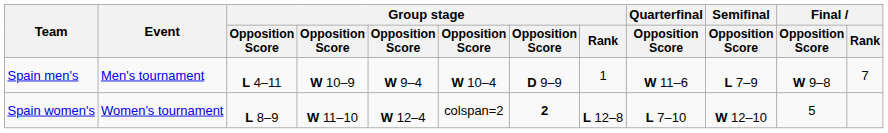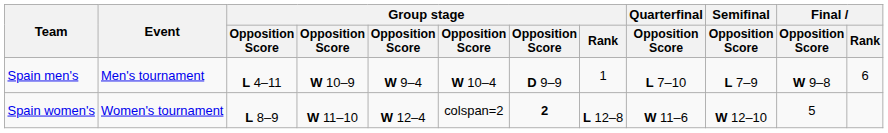 <table class="wikitable" style="font-size:90%">
 <tr>
 <th rowspan=2>Team</th>
 <th rowspan=2>Event</th>
 <th colspan=6>Group stage</th>
 <th>Quarterfinal</th>
 <th>Semifinal</th>
 <th colspan=2>Final / </th>
 </tr>
 <tr style="font-size:95%">
 <th>Opposition<br>Score</th>
 <th>Opposition<br>Score</th>
 <th>Opposition<br>Score</th>
 <th>Opposition<br>Score</th>
 <th>Opposition<br>Score</th>
 <th>Rank</th>
 <th>Opposition<br>Score</th>
 <th>Opposition<br>Score</th>
 <th>Opposition<br>Score</th>
 <th>Rank</th>
 </tr>
 <tr align=center>
 <td align=left><a href='#'>Spain men's</a></td>
 <td align=left><a href='#'>Men's tournament</a></td>
 <td><br><strong>L</strong> 4–11</td>
 <td><br><strong>W</strong> 10–9</td>
 <td><br><strong>W</strong> 9–4</td>
 <td><br><strong>W</strong> 10–4</td>
 <td><br><strong>D</strong> 9–9</td>
 <td>1</td>
-<td><br><strong>W</strong> 11–6</td>
+<td><br><strong>L</strong> 7–10</td>
 <td><br><strong>L</strong> 7–9</td>
 <td><br><strong>W</strong> 9–8</td>
-<td>7</td>
+<td>6</td>
 </tr>
 <tr align=center>
 <td align=left><a href='#'>Spain women's</a></td>
 <td align=left><a href='#'>Women's tournament</a></td>
 <td><br><strong>L</strong> 8–9</td>
 <td><br><strong>W</strong> 11–10</td>
 <td><br><strong>W</strong> 12–4</td>
 <td>colspan=2 </td>
 <td><strong>2</strong></td>
 <td><br><strong>L</strong> 12–8</td>
-<td><br><strong>L</strong> 7–10</td>
+<td><br><strong>W</strong> 11–6</td>
 <td><br><strong>W</strong> 12–10</td>
 <td>5</td>
 </tr>
 </table>
